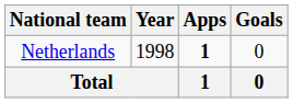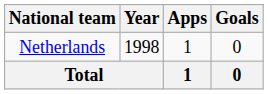 <table class="wikitable" style="text-align:center">
 <tr>
 <th>National team</th>
 <th>Year</th>
 <th>Apps</th>
 <th>Goals</th>
 </tr>
 <tr>
 <td><a href='#'>Netherlands</a></td>
 <td>1998</td>
-<td><strong>1</strong></td>
+<td>1</td>
 <td>0</td>
 </tr>
 <tr>
 <th colspan="2">Total</th>
 <th>1</th>
 <th>0</th>
 </tr>
 </table>
